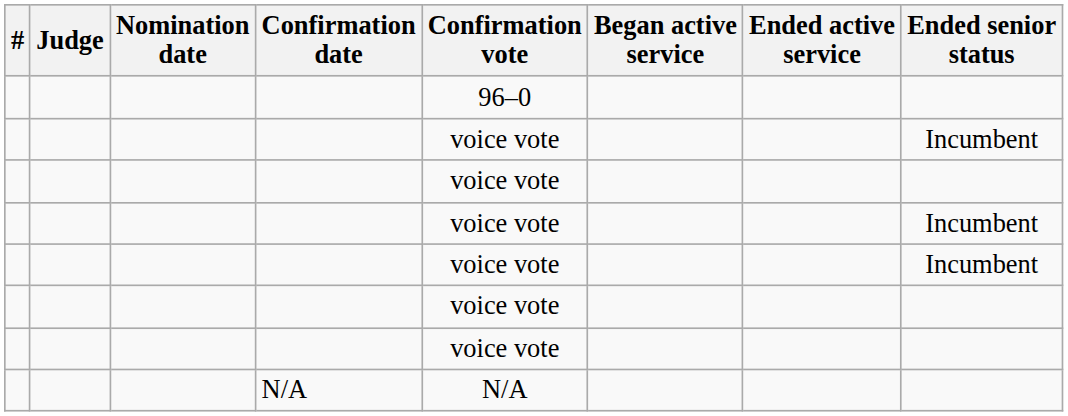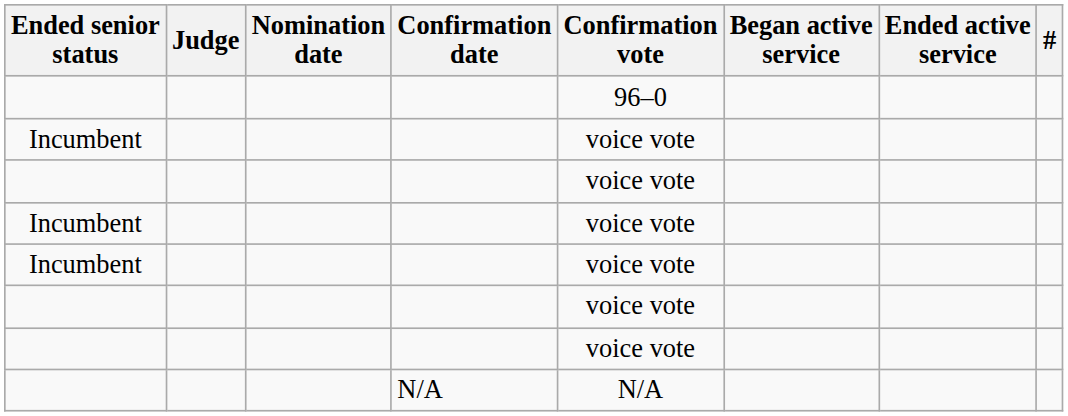 <table class="sortable wikitable">
 <tr>
-<th>#</th>
+<th>Ended senior<br>status</th>
 <th>Judge</th>
 <th>Nomination<br>date</th>
 <th>Confirmation<br>date</th>
 <th>Confirmation<br>vote</th>
 <th>Began active<br>service</th>
 <th>Ended active<br>service</th>
-<th>Ended senior<br>status</th>
+<th>#</th>
 </tr>
 <tr>
 <td></td>
 <td></td>
 <td></td>
 <td></td>
 <td align=center>96–0</td>
 <td></td>
 <td></td>
 <td></td>
 </tr>
 <tr>
-<td></td>
+<td align=center>Incumbent</td>
 <td></td>
 <td></td>
 <td></td>
 <td align=center>voice vote</td>
 <td></td>
 <td></td>
-<td align=center>Incumbent</td>
+<td></td>
 </tr>
 <tr>
-<td></td>
+<td align=center></td>
 <td></td>
 <td></td>
 <td></td>
 <td align=center>voice vote</td>
 <td></td>
 <td></td>
-<td align=center></td>
+<td></td>
 </tr>
 <tr>
-<td></td>
+<td align=center>Incumbent</td>
 <td></td>
 <td></td>
 <td></td>
 <td align=center>voice vote</td>
 <td></td>
 <td></td>
-<td align=center>Incumbent</td>
+<td></td>
 </tr>
 <tr>
-<td></td>
+<td align=center>Incumbent</td>
 <td></td>
 <td></td>
 <td></td>
 <td align=center>voice vote</td>
 <td></td>
 <td></td>
-<td align=center>Incumbent</td>
+<td></td>
 </tr>
 <tr>
 <td></td>
 <td></td>
 <td></td>
 <td></td>
 <td align=center>voice vote</td>
 <td></td>
 <td></td>
 <td></td>
 </tr>
 <tr>
 <td></td>
 <td></td>
 <td></td>
 <td></td>
 <td align=center>voice vote</td>
 <td></td>
 <td></td>
 <td></td>
 </tr>
 <tr>
-<td></td>
+<td align=center></td>
 <td></td>
 <td></td>
 <td>N/A</td>
 <td align=center>N/A</td>
 <td></td>
 <td></td>
-<td align=center></td>
+<td></td>
 </tr>
 </table>
